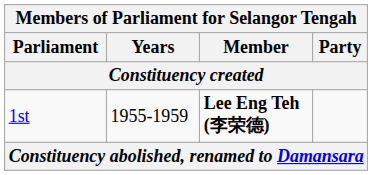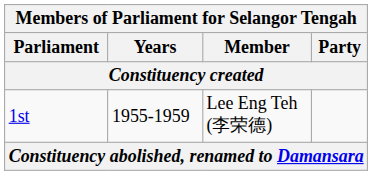 <table class="wikitable">
 <tr>
 <th colspan="4">Members of Parliament for Selangor Tengah</th>
 </tr>
 <tr>
 <th>Parliament</th>
 <th>Years</th>
 <th>Member</th>
 <th>Party</th>
 </tr>
 <tr>
 <th colspan="4"><em>Constituency created</em></th>
 </tr>
 <tr>
 <td><a href='#'>1st</a></td>
 <td>1955-1959</td>
-<td><strong>Lee Eng Teh <br> (李荣德)</strong></td>
+<td>Lee Eng Teh <br> (李荣德)</td>
 <td></td>
 </tr>
 <tr>
 <th colspan="4"><em>Constituency abolished, renamed to <a href='#'>Damansara</a></em></th>
 </tr>
 </table>
